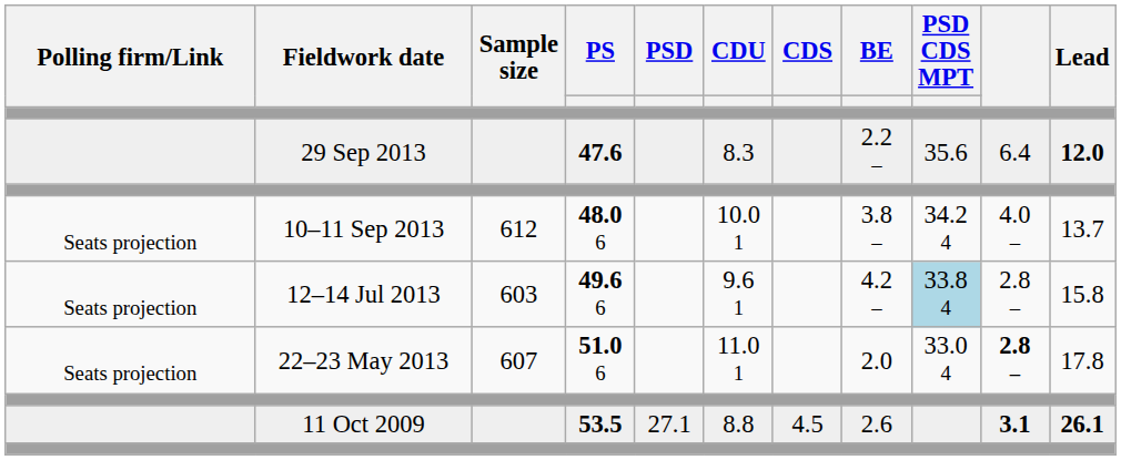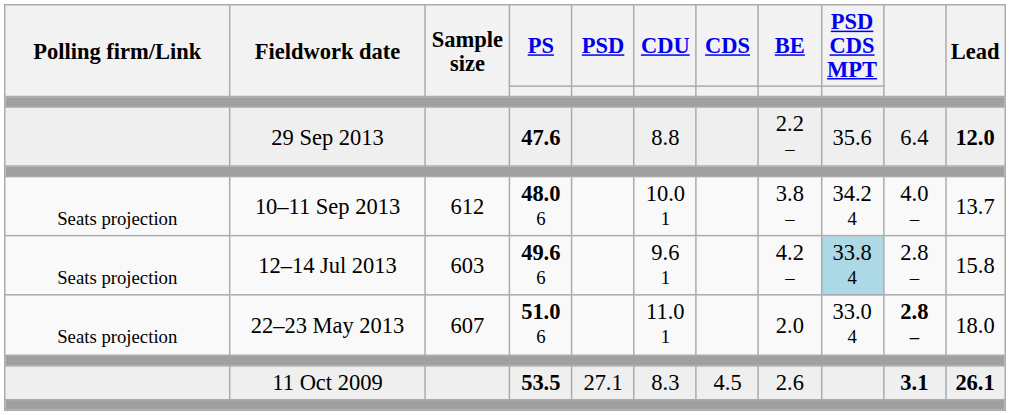 <table class="wikitable collapsible sortable" style="text-align:center; font-size:95%; line-height:16px;">
 <tr style="height:42px;">
 <th style="width:145px;" rowspan="2">Polling firm/Link</th>
 <th style="width:125px;" rowspan="2">Fieldwork date</th>
 <th class="unsortable" style="width:50px;" rowspan="2">Sample size</th>
 <th class="unsortable" style="width:35px;"><a href='#'>PS</a></th>
 <th class="unsortable" style="width:35px;"><a href='#'>PSD</a></th>
 <th class="unsortable" style="width:35px;"><a href='#'>CDU</a></th>
 <th class="unsortable" style="width:35px;"><a href='#'>CDS</a></th>
 <th class="unsortable" style="width:35px;"><a href='#'>BE</a></th>
 <th class="unsortable" style="width:35px;"><a href='#'>PSD</a><br><a href='#'>CDS</a><br><a href='#'>MPT</a></th>
 <th class="unsortable" style="width:35px;" rowspan="2"></th>
 <th class="unsortable" style="width:30px;" rowspan="2">Lead</th>
 </tr>
 <tr>
 <th class="unsortable" style="color:inherit;background:"></th>
 <th class="unsortable" style="color:inherit;background:"></th>
 <th class="unsortable" style="color:inherit;background:"></th>
 <th class="unsortable" style="color:inherit;background:"></th>
 <th class="unsortable" style="color:inherit;background:"></th>
 <th class="unsortable" style="color:inherit;background:"></th>
 </tr>
 <tr>
 <td colspan="13" style="background:#A0A0A0"></td>
 </tr>
 <tr style="background:#EFEFEF;">
 <td><strong></strong></td>
 <td data-sort-value="2019-10-06">29 Sep 2013</td>
 <td></td>
 <td><strong>47.6</strong><br></td>
 <td></td>
-<td>8.3<br></td>
+<td>8.8<br></td>
 <td></td>
 <td align="center">2.2<br><small> – </small></td>
 <td>35.6<br></td>
 <td>6.4<br></td>
 <td style="background:"><strong>12.0</strong></td>
 </tr>
 <tr>
 <td colspan="13" style="background:#A0A0A0"></td>
 </tr>
 <tr>
 <td align="center"><br><small>Seats projection</small></td>
 <td align="center">10–11 Sep 2013</td>
 <td>612</td>
 <td align="center" ><strong>48.0</strong><br><small>6 </small></td>
 <td></td>
 <td align="center">10.0<br><small>1 </small></td>
 <td></td>
 <td align="center">3.8<br><small> – </small></td>
 <td align="center">34.2<br><small>4 </small></td>
 <td align="center">4.0<br><small> – </small></td>
 <td style="background:">13.7</td>
 </tr>
 <tr>
 <td align="center"><br><small>Seats projection</small></td>
 <td align="center">12–14 Jul 2013</td>
 <td>603</td>
 <td align="center" ><strong>49.6</strong><br><small>6 </small></td>
 <td></td>
 <td align="center">9.6<br><small>1 </small></td>
 <td></td>
 <td align="center">4.2<br><small> – </small></td>
 <td align="center" style="background: lightblue;">33.8<br><small>4 </small></td>
 <td align="center">2.8<br><small> – </small></td>
 <td style="background:">15.8</td>
 </tr>
 <tr>
 <td align="center"><br><small>Seats projection</small></td>
 <td align="center">22–23 May 2013</td>
 <td>607</td>
 <td align="center" ><strong>51.0</strong><br><small>6 </small></td>
 <td></td>
 <td align="center">11.0<br><small>1 </small></td>
 <td></td>
 <td>2.0<br></td>
 <td align="center">33.0<br><small>4 </small></td>
 <td align="center"><strong>2.8<br><small> – </small></strong></td>
-<td style="background:">17.8</td>
+<td style="background:">18.0</td>
 </tr>
 <tr>
 <td colspan="13" style="background:#A0A0A0"></td>
 </tr>
 <tr style="background:#EFEFEF;">
 <td><strong></strong></td>
 <td data-sort-value="2019-10-06">11 Oct 2009</td>
 <td></td>
 <td><strong>53.5</strong><br></td>
 <td>27.1<br></td>
-<td>8.8<br></td>
+<td>8.3<br></td>
 <td>4.5<br></td>
 <td>2.6<br></td>
 <td></td>
 <td><strong>3.1<br></strong></td>
 <td style="background:"><strong>26.1</strong></td>
 </tr>
 <tr>
 <td colspan="13" style="background:#A0A0A0"></td>
 </tr>
 <tr>
 </tr>
 </table>
